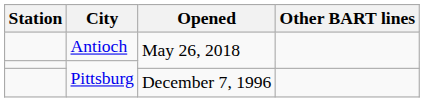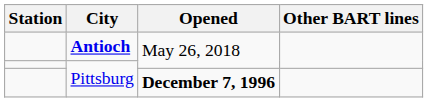 <table class=wikitable>
 <tr>
 <th>Station</th>
 <th>City</th>
 <th>Opened</th>
 <th>Other BART lines</th>
 </tr>
 <tr>
 <td></td>
-<td><a href='#'>Antioch</a></td>
+<td><strong><a href='#'>Antioch</a></strong></td>
 <td rowspan="2">May 26, 2018</td>
 <td rowspan="2"></td>
 </tr>
 <tr>
 <td></td>
 <td rowspan="2"><a href='#'>Pittsburg</a></td>
 </tr>
 <tr>
 <td></td>
-<td>December 7, 1996</td>
+<td><strong>December 7, 1996</strong></td>
 <td></td>
 </tr>
 </table>
